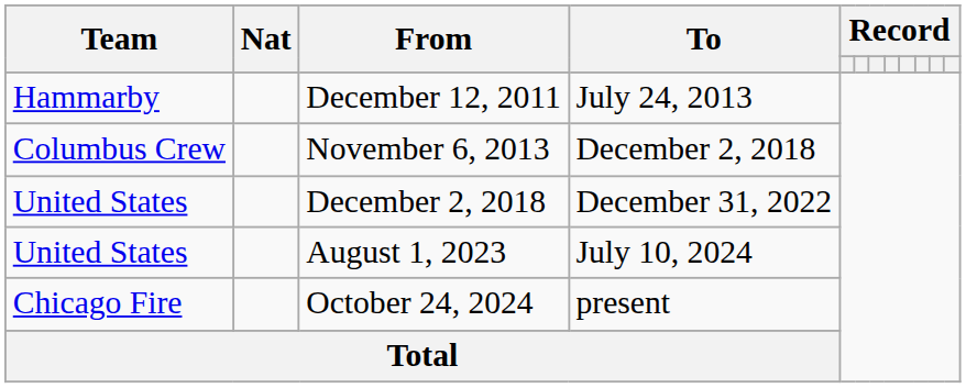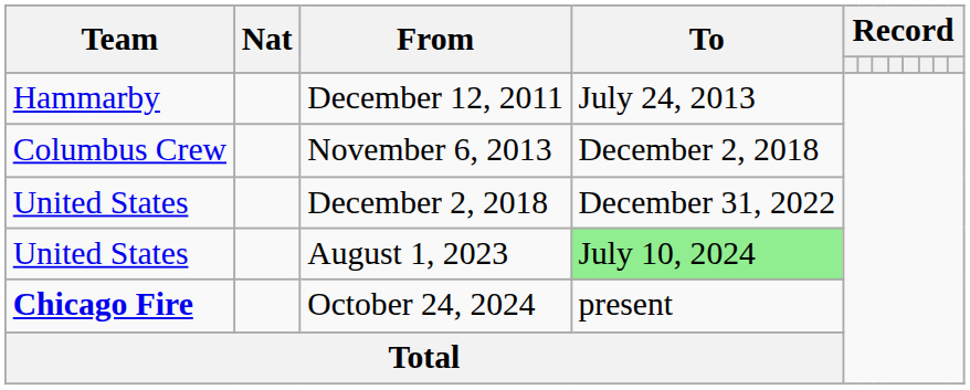 <table class="wikitable" style="text-align: center">
 <tr>
 <th rowspan="2">Team</th>
 <th rowspan="2">Nat</th>
 <th rowspan="2">From</th>
 <th rowspan="2">To</th>
 <th colspan="8">Record</th>
 </tr>
 <tr>
 <th></th>
 <th></th>
 <th></th>
 <th></th>
 <th></th>
 <th></th>
 <th></th>
 <th></th>
 </tr>
 <tr>
 <td align=left><a href='#'>Hammarby</a></td>
 <td></td>
 <td align=left>December 12, 2011</td>
 <td align=left>July 24, 2013<br></td>
 </tr>
 <tr>
 <td align=left><a href='#'>Columbus Crew</a></td>
 <td></td>
 <td align=left>November 6, 2013</td>
 <td align=left>December 2, 2018<br></td>
 </tr>
 <tr>
 <td align=left><a href='#'>United States</a></td>
 <td></td>
 <td align=left>December 2, 2018</td>
 <td align=left>December 31, 2022<br></td>
 </tr>
 <tr>
 <td align=left><a href='#'>United States</a></td>
 <td></td>
 <td align=left>August 1, 2023</td>
-<td align=left>July 10, 2024<br></td>
+<td align=left style="background: lightgreen;">July 10, 2024<br></td>
 </tr>
 <tr>
-<td align=left><a href='#'>Chicago Fire</a></td>
+<td align=left><strong><a href='#'>Chicago Fire</a></strong></td>
 <td></td>
 <td align=left>October 24, 2024</td>
 <td align=left>present<br></td>
 </tr>
 <tr>
 <th colspan="4">Total<br></th>
 </tr>
 </table>
